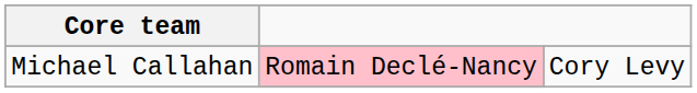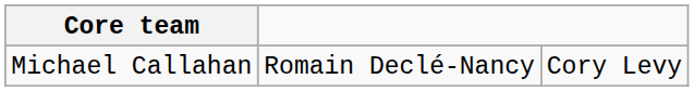 <table class="wikitable">
 <tr>
 <th>Core team</th>
 </tr>
 <tr>
 <td>Michael Callahan</td>
-<td style="background: pink;">Romain Declé-Nancy</td>
+<td>Romain Declé-Nancy</td>
 <td>Cory Levy</td>
 </tr>
 </table>
